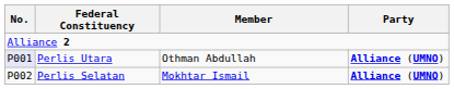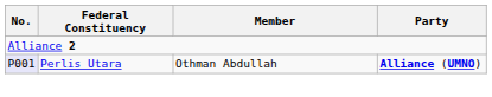 <table class="wikitable sortable">
 <tr>
 <th style="width:30px;">No.</th>
 <th style="width:150px;">Federal Constituency</th>
 <th style="width:230px;">Member</th>
 <th style="width:120px;">Party</th>
 </tr>
 <tr>
 <td colspan="4"><a href='#'>Alliance</a> <strong>2</strong></td>
 </tr>
 <tr>
 <td style="background: lavender;">P001</td>
 <td><a href='#'>Perlis Utara</a></td>
 <td>Othman Abdullah</td>
 <td><strong><a href='#'>Alliance</a></strong> (<strong><a href='#'>UMNO</a></strong>)</td>
 </tr>
-<tr>
-<td>P002</td>
-<td><a href='#'>Perlis Selatan</a></td>
-<td><a href='#'>Mokhtar Ismail</a></td>
-<td><strong><a href='#'>Alliance</a></strong> (<strong><a href='#'>UMNO</a></strong>)</td>
-</tr>
 </table>
